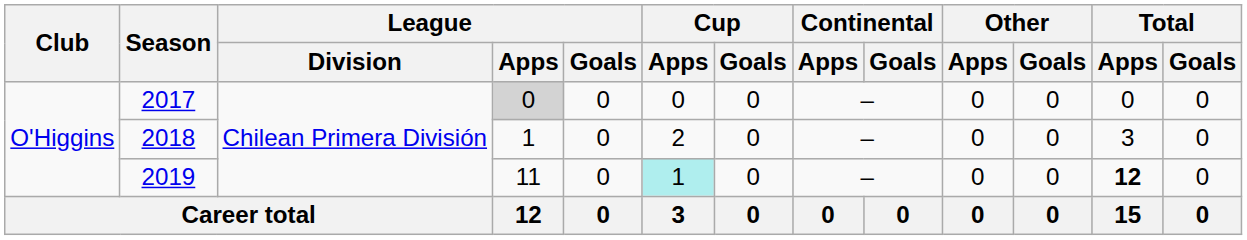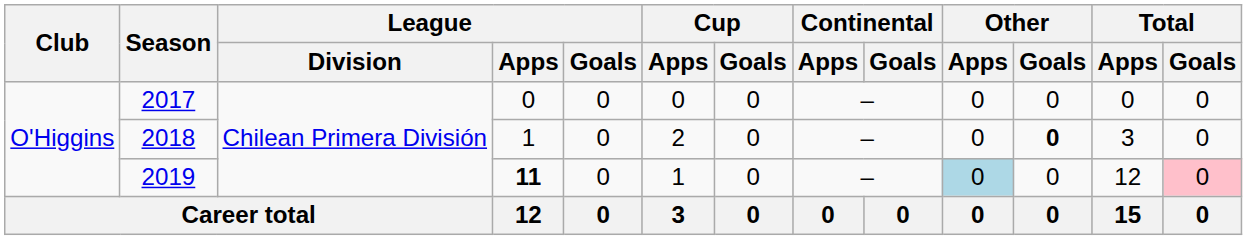 <table class="wikitable" style="text-align:center">
 <tr>
 <th rowspan="2">Club</th>
 <th rowspan="2">Season</th>
 <th colspan="3">League</th>
 <th colspan="2">Cup</th>
 <th colspan="2">Continental</th>
 <th colspan="2">Other</th>
 <th colspan="2">Total</th>
 </tr>
 <tr>
 <th>Division</th>
 <th>Apps</th>
 <th>Goals</th>
 <th>Apps</th>
 <th>Goals</th>
 <th>Apps</th>
 <th>Goals</th>
 <th>Apps</th>
 <th>Goals</th>
 <th>Apps</th>
 <th>Goals</th>
 </tr>
 <tr>
 <td rowspan="3"><a href='#'>O'Higgins</a></td>
 <td><a href='#'>2017</a></td>
 <td rowspan="3"><a href='#'>Chilean Primera División</a></td>
-<td style="background: lightgrey;">0</td>
+<td>0</td>
 <td>0</td>
 <td>0</td>
 <td>0</td>
 <td colspan="2">–</td>
 <td>0</td>
 <td>0</td>
 <td>0</td>
 <td>0</td>
 </tr>
 <tr>
 <td><a href='#'>2018</a></td>
 <td>1</td>
 <td>0</td>
 <td>2</td>
 <td>0</td>
 <td colspan="2">–</td>
 <td>0</td>
-<td>0</td>
+<td><strong>0</strong></td>
 <td>3</td>
 <td>0</td>
 </tr>
 <tr>
 <td><a href='#'>2019</a></td>
-<td>11</td>
+<td><strong>11</strong></td>
 <td>0</td>
-<td style="background: paleturquoise;">1</td>
+<td>1</td>
 <td>0</td>
 <td colspan="2">–</td>
+<td style="background: lightblue;">0</td>
 <td>0</td>
-<td>0</td>
-<td><strong>12</strong></td>
-<td>0</td>
+<td>12</td>
+<td style="background: pink;">0</td>
 </tr>
 <tr>
 <th colspan="3">Career total</th>
 <th>12</th>
 <th>0</th>
 <th>3</th>
 <th>0</th>
 <th>0</th>
 <th>0</th>
 <th>0</th>
 <th>0</th>
 <th>15</th>
 <th>0</th>
 </tr>
 </table>
